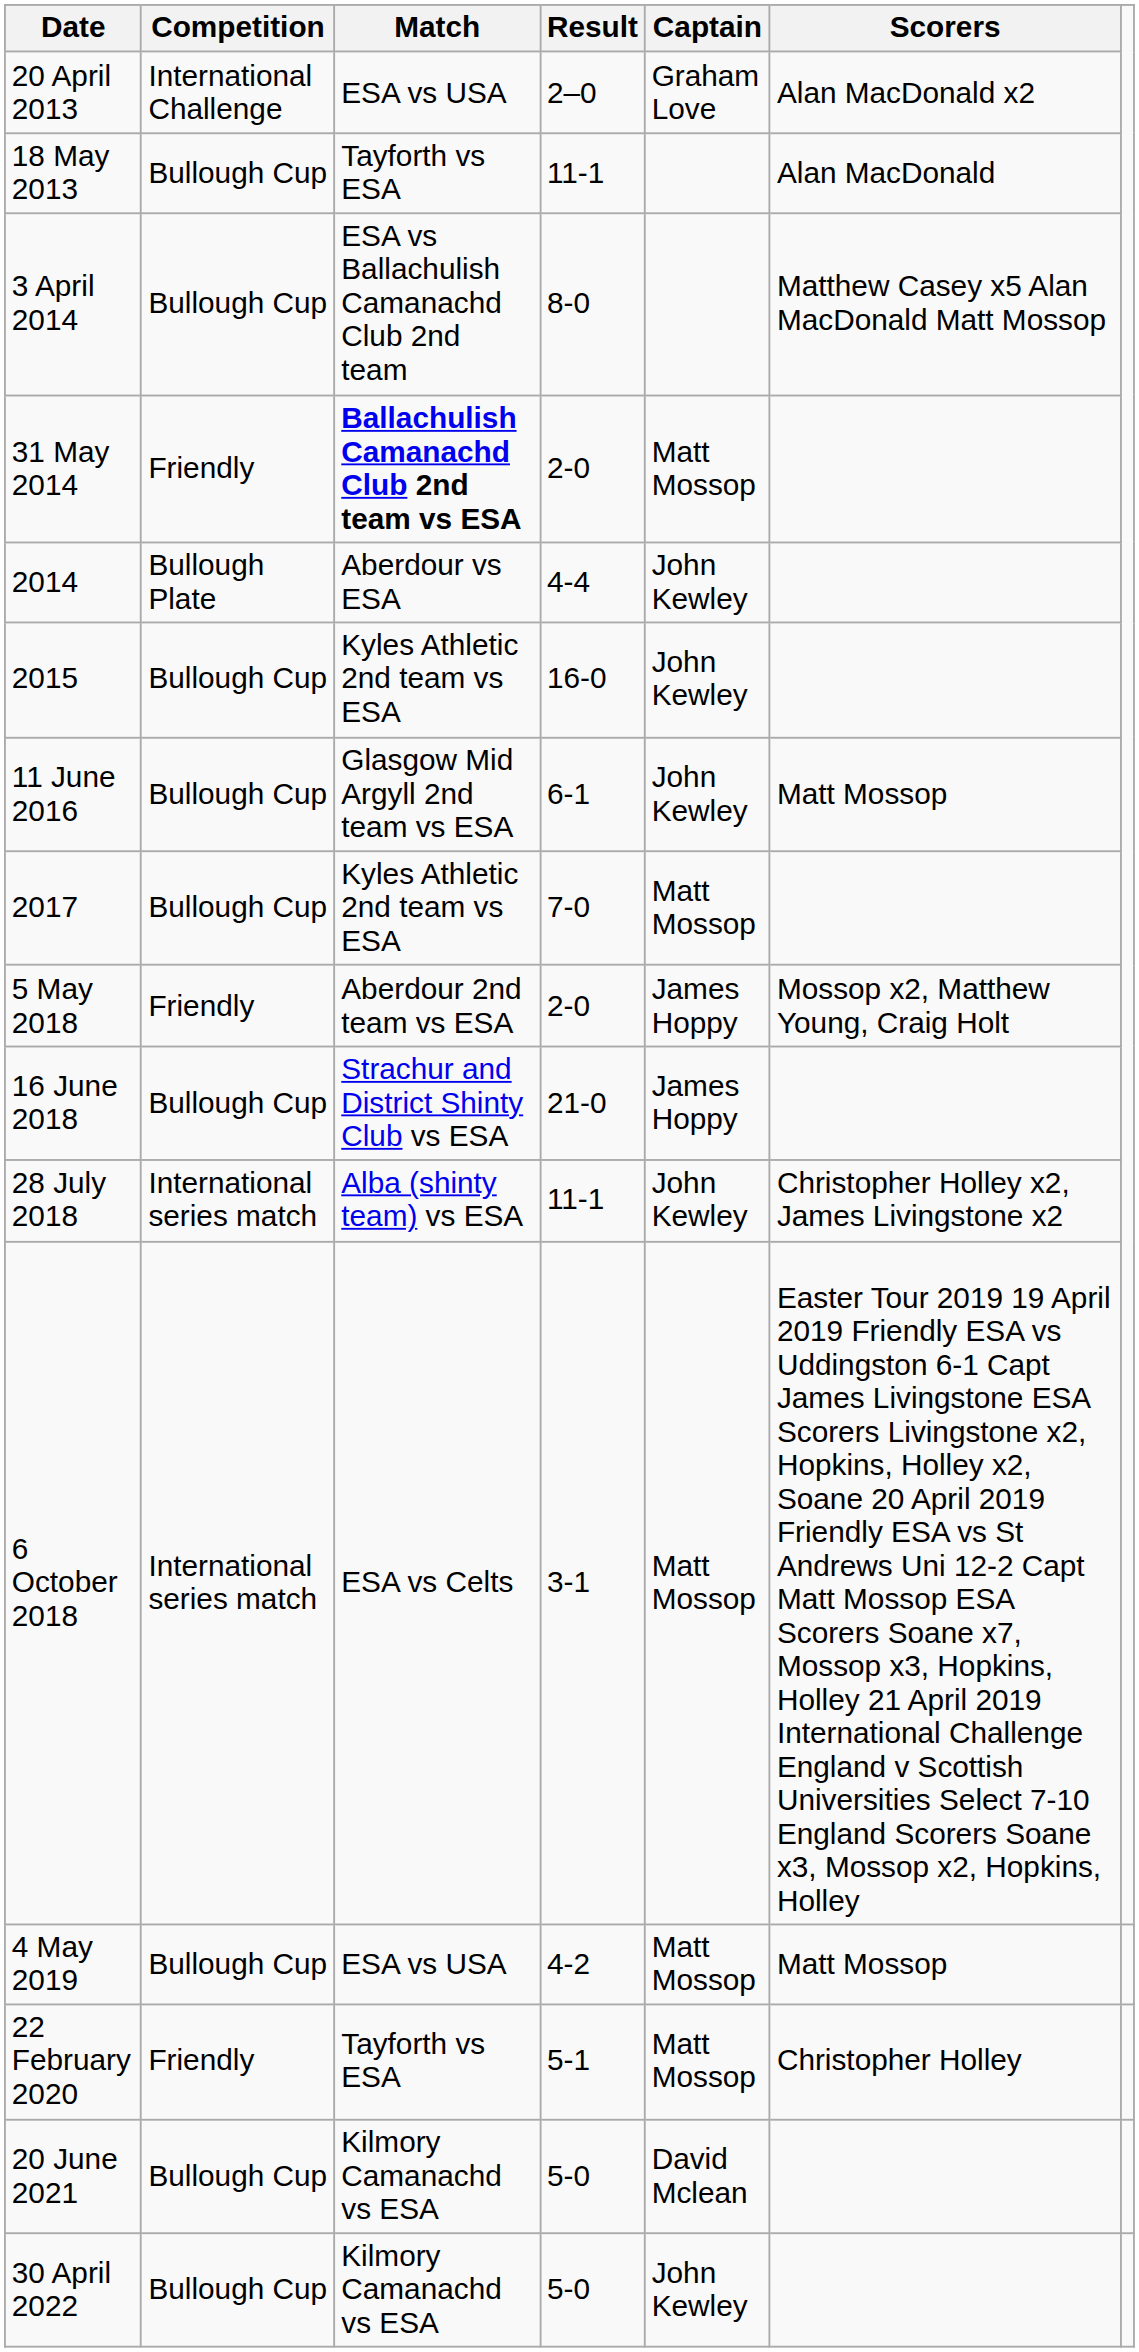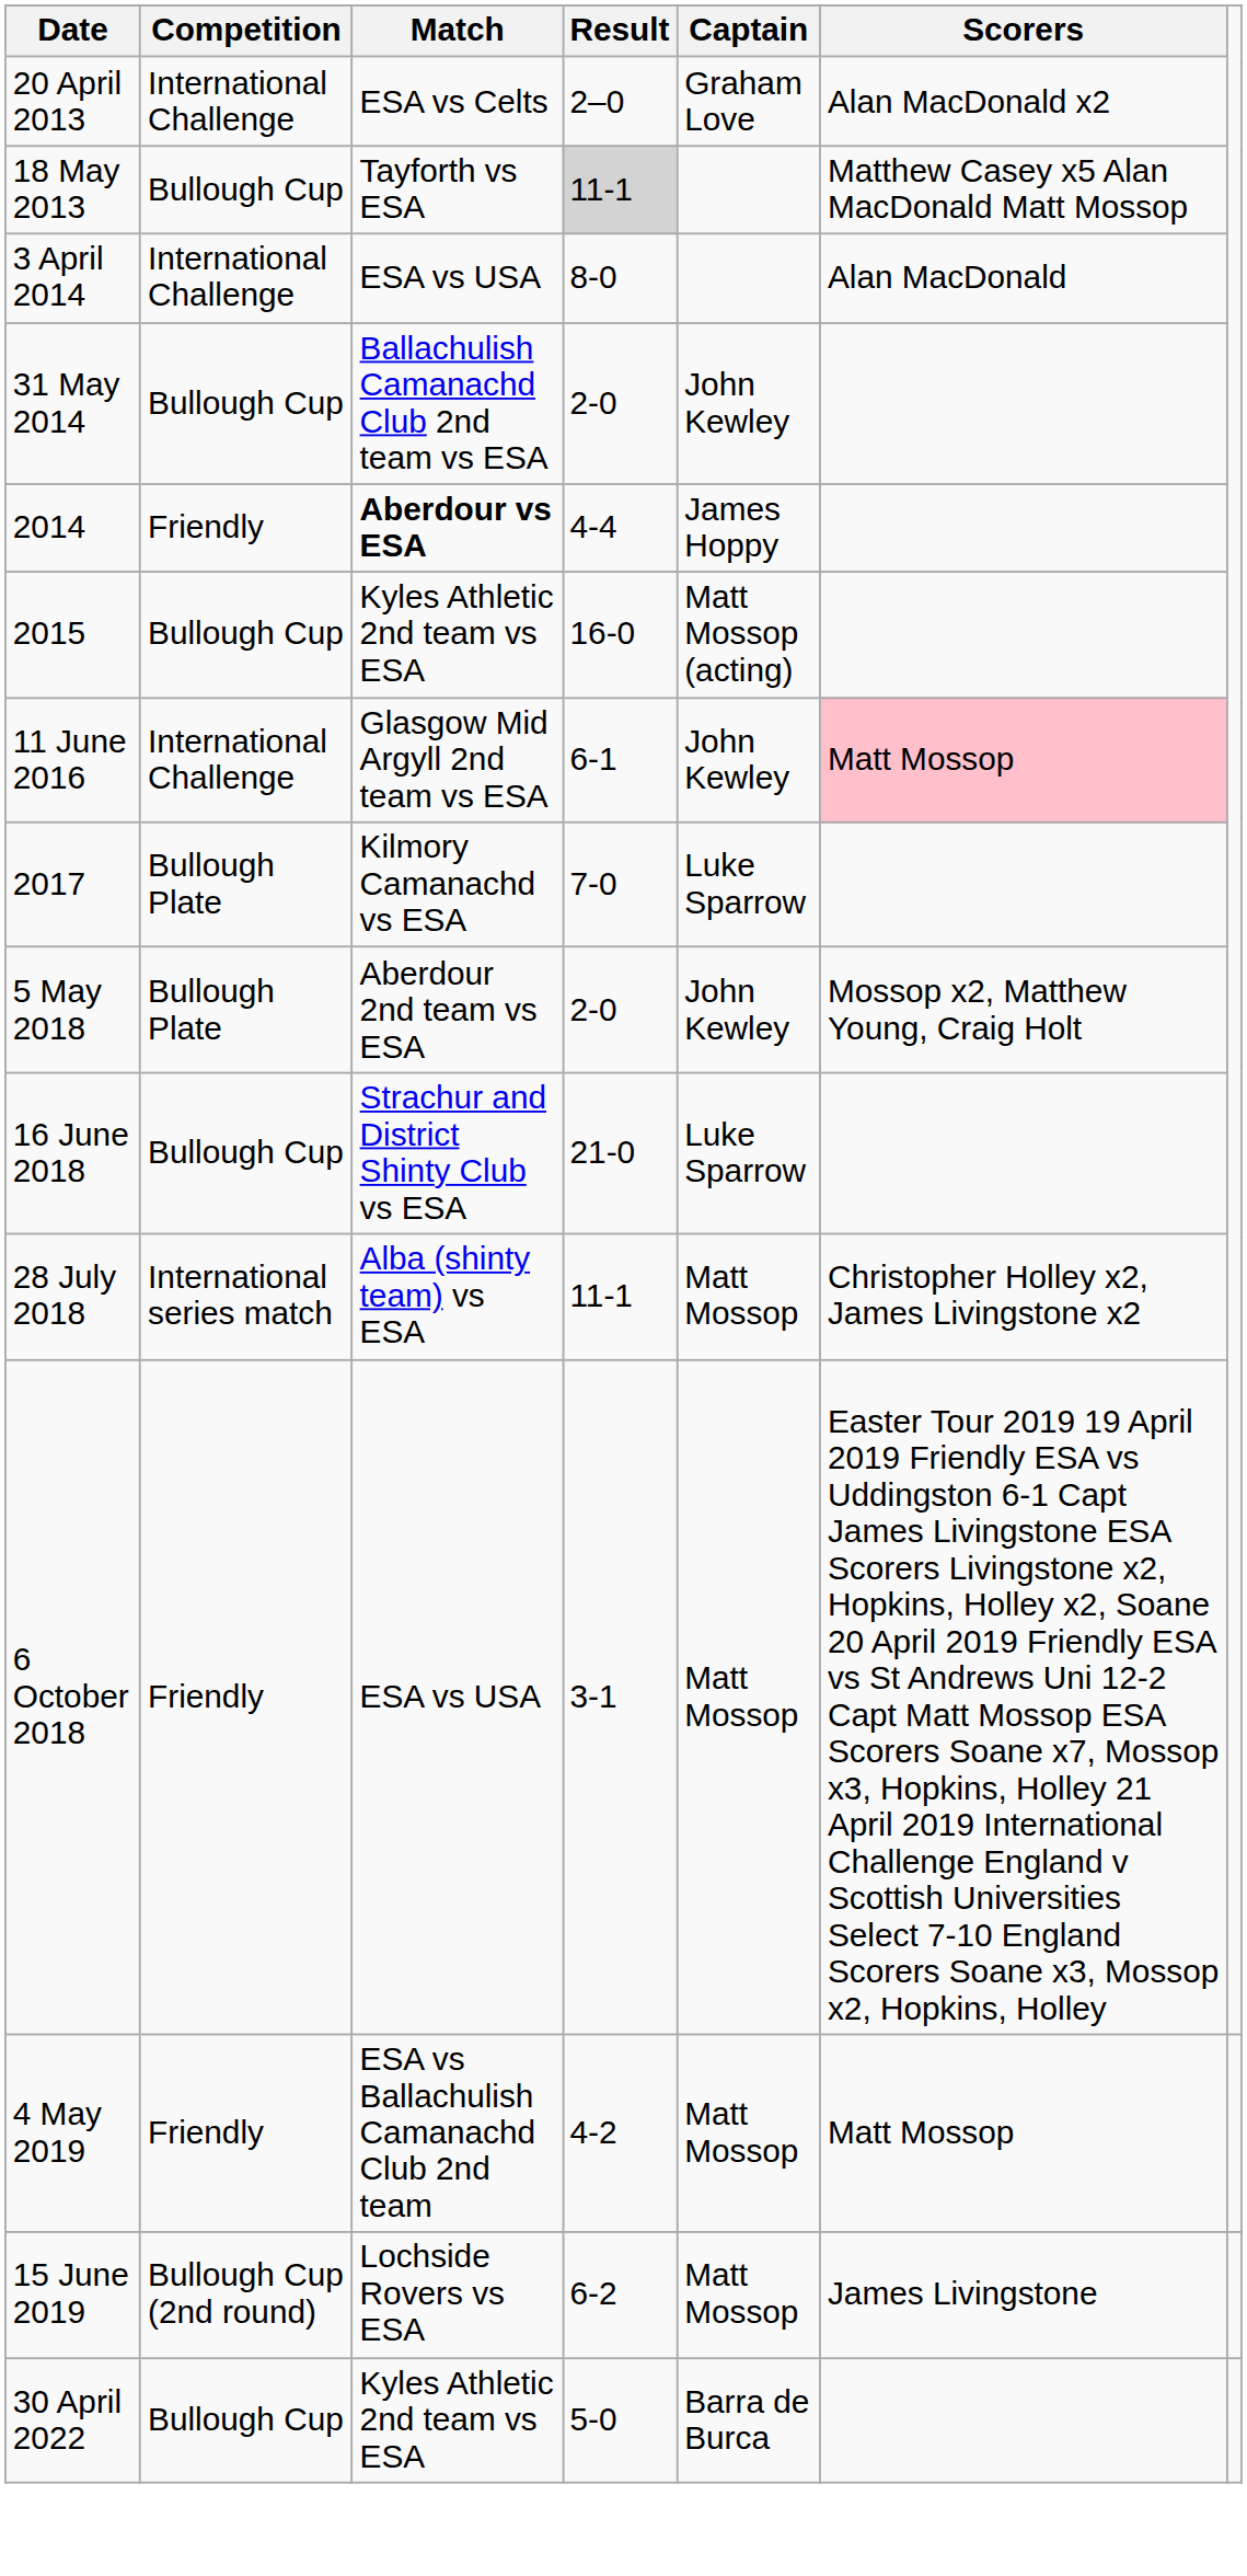 <table class="wikitable">
 <tr>
 <th>Date</th>
 <th>Competition</th>
 <th>Match</th>
 <th>Result</th>
 <th>Captain</th>
 <th>Scorers</th>
 </tr>
 <tr>
 <td>20 April 2013</td>
 <td>International Challenge</td>
-<td>ESA vs USA</td>
+<td>ESA vs Celts</td>
 <td>2–0</td>
 <td>Graham Love</td>
 <td>Alan MacDonald x2</td>
 </tr>
 <tr>
 <td>18 May 2013</td>
 <td>Bullough Cup</td>
 <td>Tayforth vs ESA</td>
-<td>11-1</td>
+<td style="background: lightgrey;">11-1</td>
+<td></td>
+<td>Matthew Casey x5 Alan MacDonald Matt Mossop</td>
+</tr>
+<tr>
+<td>3 April 2014</td>
+<td>International Challenge</td>
+<td>ESA vs USA</td>
+<td>8-0</td>
 <td></td>
 <td>Alan MacDonald</td>
 </tr>
 <tr>
-<td>3 April 2014</td>
+<td>31 May 2014</td>
 <td>Bullough Cup</td>
-<td>ESA vs Ballachulish Camanachd Club 2nd team</td>
-<td>8-0</td>
-<td></td>
-<td>Matthew Casey x5 Alan MacDonald Matt Mossop</td>
-</tr>
-<tr>
-<td>31 May 2014</td>
-<td>Friendly</td>
-<td><strong><a href='#'>Ballachulish Camanachd Club</a> 2nd team vs ESA</strong></td>
+<td><a href='#'>Ballachulish Camanachd Club</a> 2nd team vs ESA</td>
 <td>2-0</td>
-<td>Matt Mossop</td>
+<td>John Kewley</td>
 <td></td>
 </tr>
 <tr>
 <td>2014</td>
-<td>Bullough Plate</td>
-<td>Aberdour vs ESA</td>
+<td>Friendly</td>
+<td><strong>Aberdour vs ESA</strong></td>
 <td>4-4</td>
-<td>John Kewley</td>
+<td>James Hoppy</td>
 <td></td>
 </tr>
 <tr>
 <td>2015</td>
 <td>Bullough Cup</td>
 <td>Kyles Athletic 2nd team vs ESA</td>
 <td>16-0</td>
-<td>John Kewley</td>
+<td>Matt Mossop (acting)</td>
 <td></td>
 </tr>
 <tr>
 <td>11 June 2016</td>
-<td>Bullough Cup</td>
+<td>International Challenge</td>
 <td>Glasgow Mid Argyll 2nd team vs ESA</td>
 <td>6-1</td>
 <td>John Kewley</td>
-<td>Matt Mossop</td>
+<td style="background: pink;">Matt Mossop</td>
 </tr>
 <tr>
 <td>2017</td>
-<td>Bullough Cup</td>
-<td>Kyles Athletic 2nd team vs ESA</td>
+<td>Bullough Plate</td>
+<td>Kilmory Camanachd vs ESA</td>
 <td>7-0</td>
-<td>Matt Mossop</td>
+<td>Luke Sparrow</td>
 <td></td>
 </tr>
 <tr>
 <td>5 May 2018</td>
-<td>Friendly</td>
+<td>Bullough Plate</td>
 <td>Aberdour 2nd team vs ESA</td>
 <td>2-0</td>
-<td>James Hoppy</td>
+<td>John Kewley</td>
 <td>Mossop x2, Matthew Young, Craig Holt</td>
 </tr>
 <tr>
 <td>16 June 2018</td>
 <td>Bullough Cup</td>
 <td><a href='#'>Strachur and District Shinty Club</a> vs ESA</td>
 <td>21-0</td>
-<td>James Hoppy</td>
+<td>Luke Sparrow</td>
 <td></td>
 </tr>
 <tr>
 <td>28 July 2018</td>
 <td>International series match</td>
 <td><a href='#'>Alba (shinty team)</a> vs ESA</td>
 <td>11-1</td>
-<td>John Kewley</td>
+<td>Matt Mossop</td>
 <td>Christopher Holley x2, James Livingstone x2</td>
 </tr>
 <tr>
 <td>6 October 2018</td>
-<td>International series match</td>
-<td>ESA vs Celts</td>
+<td>Friendly</td>
+<td>ESA vs USA</td>
 <td>3-1</td>
 <td>Matt Mossop</td>
 <td><br>Easter Tour 2019 19 April 2019 Friendly ESA vs Uddingston 6-1 Capt James Livingstone ESA Scorers Livingstone x2, Hopkins, Holley x2, Soane 20 April 2019 Friendly ESA vs St Andrews Uni 12-2 Capt Matt Mossop ESA Scorers Soane x7, Mossop x3, Hopkins, Holley 21 April 2019 International Challenge England v Scottish Universities Select 7-10 England Scorers Soane x3, Mossop x2, Hopkins, Holley</td>
 </tr>
 <tr>
 <td>4 May 2019</td>
-<td>Bullough Cup</td>
-<td>ESA vs USA</td>
+<td>Friendly</td>
+<td>ESA vs Ballachulish Camanachd Club 2nd team</td>
 <td>4-2</td>
 <td>Matt Mossop</td>
 <td>Matt Mossop</td>
 <td></td>
 </tr>
 <tr>
-<td>22 February 2020</td>
-<td>Friendly</td>
-<td>Tayforth vs ESA</td>
-<td>5-1</td>
+<td>15 June 2019</td>
+<td>Bullough Cup (2nd round)</td>
+<td>Lochside Rovers vs ESA</td>
+<td>6-2</td>
 <td>Matt Mossop</td>
-<td>Christopher Holley</td>
-<td></td>
-</tr>
-<tr>
-<td>20 June 2021</td>
-<td>Bullough Cup</td>
-<td>Kilmory Camanachd vs ESA</td>
-<td>5-0</td>
-<td>David Mclean</td>
-<td></td>
+<td>James Livingstone</td>
 <td></td>
 </tr>
 <tr>
 <td>30 April 2022</td>
 <td>Bullough Cup</td>
-<td>Kilmory Camanachd vs ESA</td>
+<td>Kyles Athletic 2nd team vs ESA</td>
 <td>5-0</td>
-<td>John Kewley</td>
+<td>Barra de Burca</td>
 <td></td>
 <td></td>
 </tr>
 </table>
